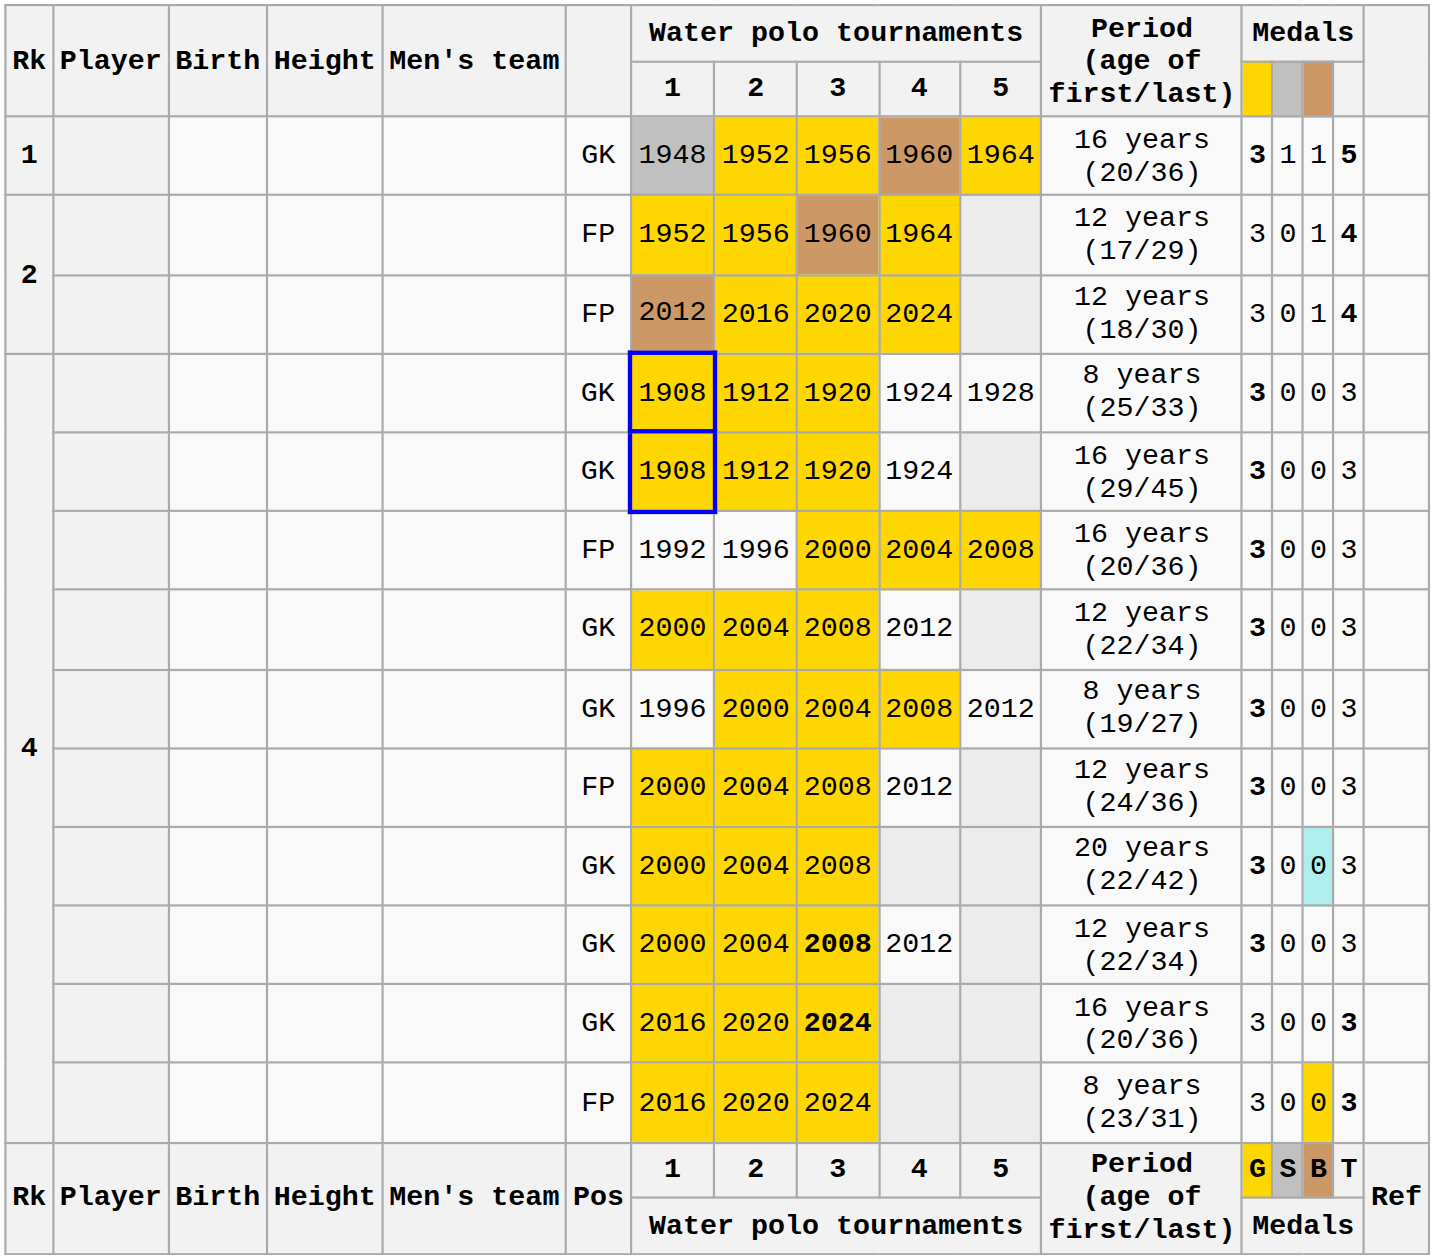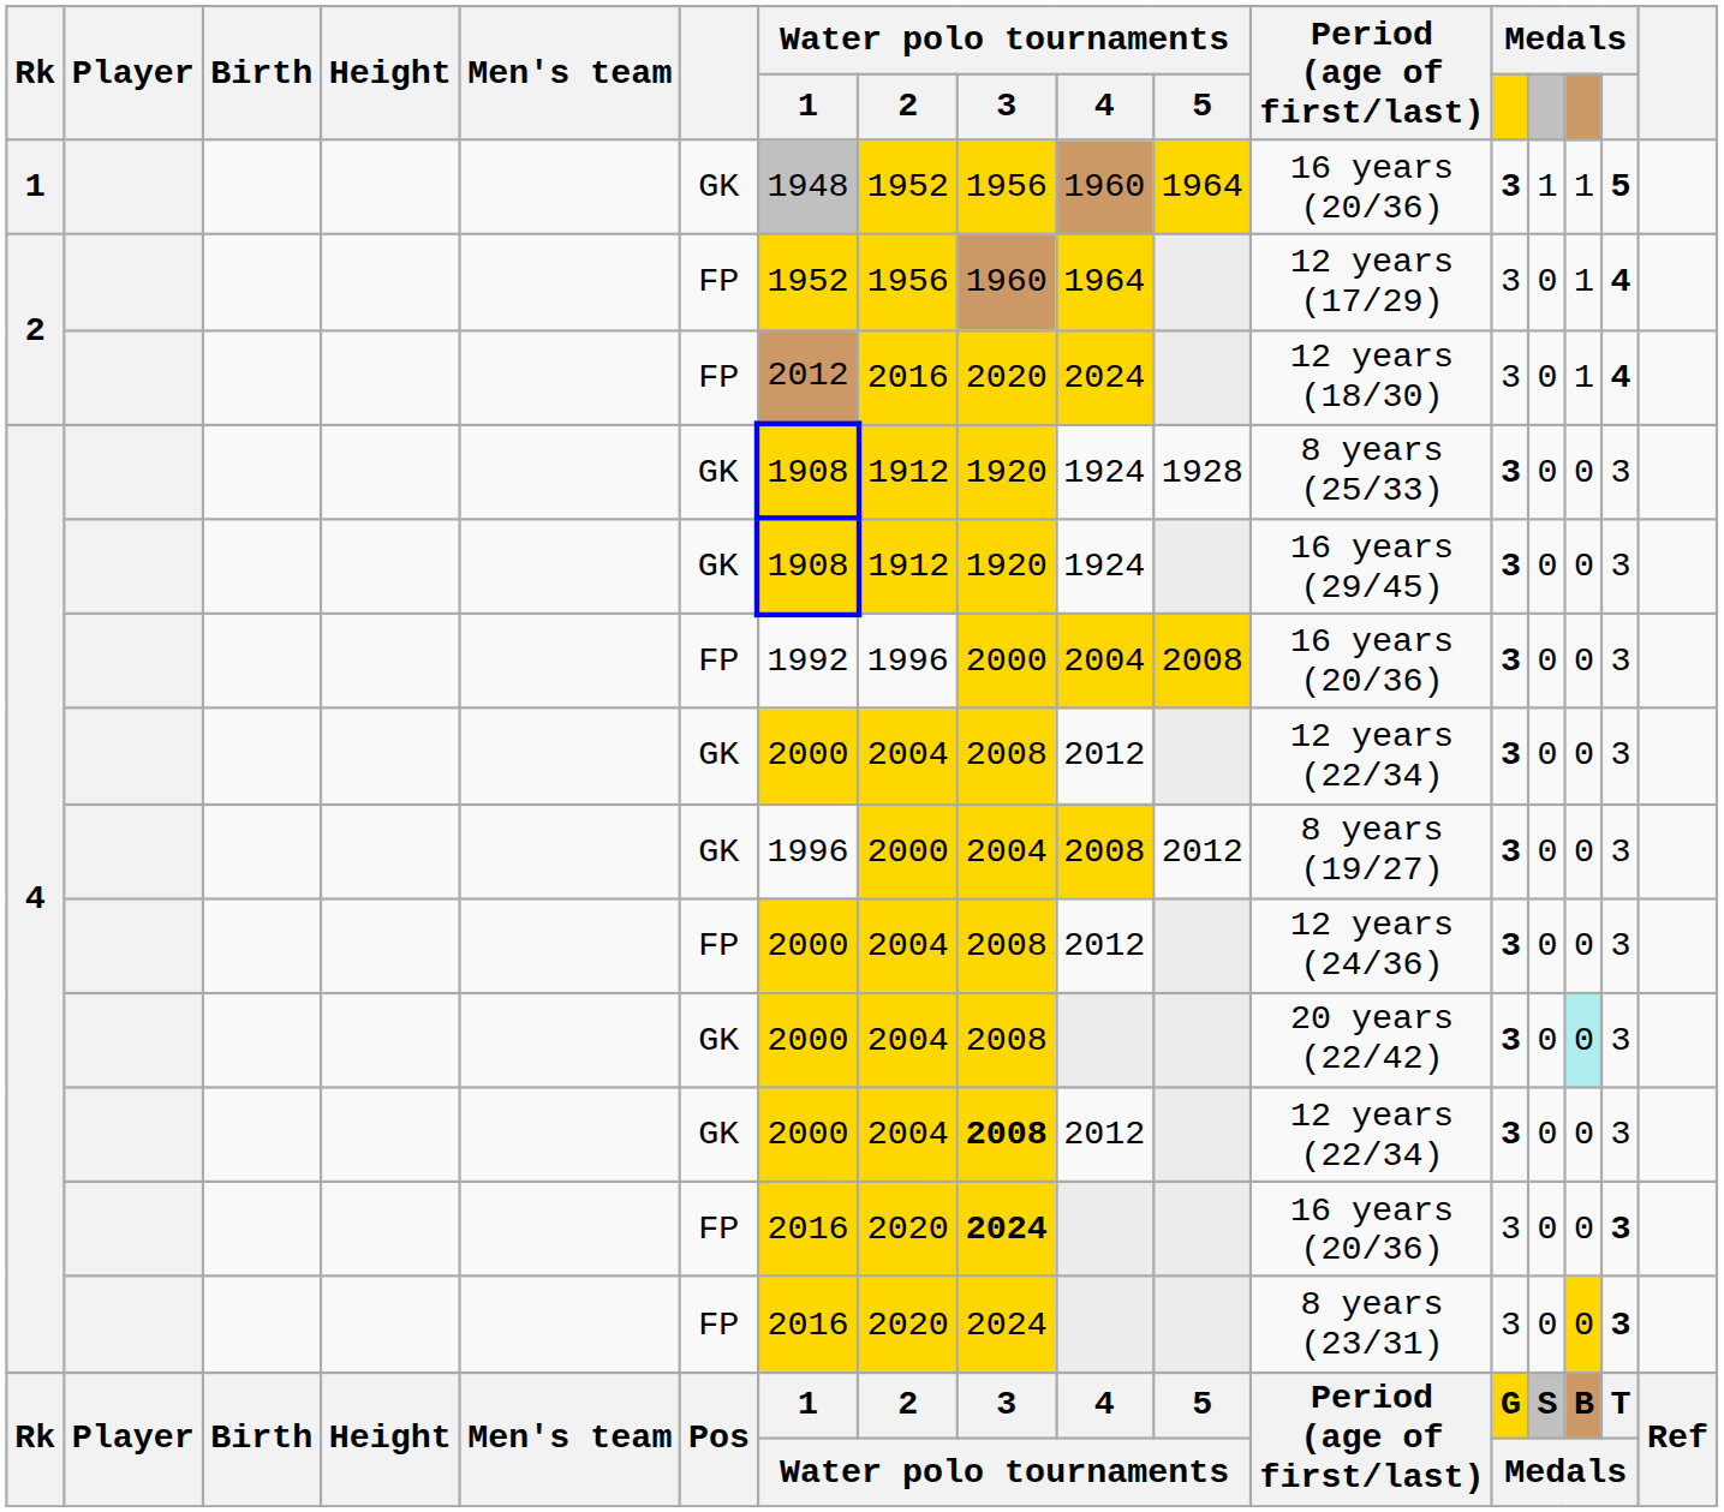 <table class="wikitable sortable plainrowheaders sticky-header-multi" style="text-align: center; font-size: 100%; margin-left: 1em;">
 <tr>
 <th scope="col" rowspan="2">Rk</th>
 <th scope="col" rowspan="2">Player</th>
 <th scope="col" rowspan="2">Birth</th>
 <th scope="col" rowspan="2">Height</th>
 <th scope="col" rowspan="2">Men's team</th>
 <th scope="col" rowspan="2"></th>
 <th scope="colgroup" colspan="5">Water polo tournaments</th>
 <th scope="col" rowspan="2">Period<br>(age of<br>first/last)</th>
 <th scope="colgroup" colspan="4">Medals</th>
 <th scope="col" rowspan="2" class="unsortable"></th>
 </tr>
 <tr>
 <th scope="col">1</th>
 <th scope="col" class="unsortable">2</th>
 <th scope="col" class="unsortable">3</th>
 <th scope="col" class="unsortable">4</th>
 <th scope="col" class="unsortable">5</th>
 <th scope="col" style="background-color: gold;"></th>
 <th scope="col" style="background-color: silver;"></th>
 <th scope="col" style="background-color: #cc9966;"></th>
 <th scope="col"></th>
 </tr>
 <tr>
 <th scope="row" style="text-align: center;"><strong>1</strong></th>
 <th scope="row"></th>
 <td></td>
 <td></td>
 <td style="text-align: left;"></td>
 <td>GK</td>
 <td style="background-color: silver;">1948</td>
 <td style="background-color: gold;">1952</td>
 <td style="background-color: gold;">1956</td>
 <td style="background-color: #cc9966;">1960</td>
 <td style="background-color: gold;">1964</td>
 <td>16 years<br>(20/36)</td>
 <td><strong>3</strong></td>
 <td>1</td>
 <td>1</td>
 <td><strong>5</strong></td>
 <td></td>
 </tr>
 <tr>
 <th scope="rowgroup" rowspan="2" style="text-align: center;"><strong>2</strong></th>
 <th scope="row"></th>
 <td></td>
 <td></td>
 <td style="text-align: left;"></td>
 <td>FP</td>
 <td style="background-color: gold;">1952</td>
 <td style="background-color: gold;">1956</td>
 <td style="background-color: #cc9966;">1960</td>
 <td style="background-color: gold;">1964</td>
 <td style="background-color: #ececec;"></td>
 <td>12 years<br>(17/29)</td>
 <td>3</td>
 <td>0</td>
 <td>1</td>
 <td><strong>4</strong></td>
 <td></td>
 </tr>
 <tr>
 <th scope="row"></th>
 <td></td>
 <td></td>
 <td style="text-align: left;"></td>
 <td>FP</td>
 <td style="background-color: #cc9966;">2012</td>
 <td style="background-color: gold;">2016</td>
 <td style="background-color: gold;">2020</td>
 <td style="background-color: gold;">2024</td>
 <td style="background-color: #ececec;"></td>
 <td>12 years<br>(18/30)</td>
 <td>3</td>
 <td>0</td>
 <td>1</td>
 <td><strong>4</strong></td>
 <td></td>
 </tr>
 <tr>
 <th scope="rowgroup" rowspan="10" style="text-align: center;"><strong>4</strong></th>
 <th scope="row"></th>
 <td></td>
 <td></td>
 <td style="text-align: left;"></td>
 <td>GK</td>
 <td style="border: 2px solid blue; background-color: gold;">1908</td>
 <td style="background-color: gold;">1912</td>
 <td style="background-color: gold;">1920</td>
 <td>1924</td>
 <td>1928</td>
 <td>8 years<br>(25/33)</td>
 <td><strong>3</strong></td>
 <td>0</td>
 <td>0</td>
 <td>3</td>
 <td></td>
 </tr>
 <tr>
 <th scope="row"></th>
 <td></td>
 <td></td>
 <td style="text-align: left;"></td>
 <td>GK</td>
 <td style="border: 2px solid blue; background-color: gold;">1908</td>
 <td style="background-color: gold;">1912</td>
 <td style="background-color: gold;">1920</td>
 <td>1924</td>
 <td style="background-color: #ececec;"></td>
 <td>16 years<br>(29/45)</td>
 <td><strong>3</strong></td>
 <td>0</td>
 <td>0</td>
 <td>3</td>
 <td></td>
 </tr>
 <tr>
 <th scope="row"></th>
 <td></td>
 <td></td>
 <td style="text-align: left;"></td>
 <td>FP</td>
 <td>1992</td>
 <td>1996</td>
 <td style="background-color: gold;">2000</td>
 <td style="background-color: gold;">2004</td>
 <td style="background-color: gold;">2008</td>
 <td>16 years<br>(20/36)</td>
 <td><strong>3</strong></td>
 <td>0</td>
 <td>0</td>
 <td>3</td>
 <td></td>
 </tr>
 <tr>
 <th scope="row"></th>
 <td></td>
 <td></td>
 <td style="text-align: left;"></td>
 <td>GK</td>
 <td style="background-color: gold;">2000</td>
 <td style="background-color: gold;">2004</td>
 <td style="background-color: gold;">2008</td>
 <td>2012</td>
 <td style="background-color: #ececec;"></td>
 <td>12 years<br>(22/34)</td>
 <td><strong>3</strong></td>
 <td>0</td>
 <td>0</td>
 <td>3</td>
 <td></td>
 </tr>
 <tr>
 <th scope="row"></th>
 <td></td>
 <td></td>
 <td style="text-align: left;"></td>
 <td>GK</td>
 <td>1996</td>
 <td style="background-color: gold;">2000</td>
 <td style="background-color: gold;">2004</td>
 <td style="background-color: gold;">2008</td>
 <td>2012</td>
 <td>8 years<br>(19/27)</td>
 <td><strong>3</strong></td>
 <td>0</td>
 <td>0</td>
 <td>3</td>
 <td></td>
 </tr>
 <tr>
 <th scope="row"></th>
 <td></td>
 <td></td>
 <td style="text-align: left;"></td>
 <td>FP</td>
 <td style="background-color: gold;">2000</td>
 <td style="background-color: gold;">2004</td>
 <td style="background-color: gold;">2008</td>
 <td>2012</td>
 <td style="background-color: #ececec;"></td>
 <td>12 years<br>(24/36)</td>
 <td><strong>3</strong></td>
 <td>0</td>
 <td>0</td>
 <td>3</td>
 <td></td>
 </tr>
 <tr>
 <th scope="row"></th>
 <td></td>
 <td></td>
 <td style="text-align: left;"></td>
 <td>GK</td>
 <td style="background-color: gold;">2000</td>
 <td style="background-color: gold;">2004</td>
 <td style="background-color: gold;">2008</td>
 <td style="background-color: #ececec;"></td>
 <td style="background-color: #ececec;"></td>
 <td>20 years<br>(22/42)</td>
 <td><strong>3</strong></td>
 <td>0</td>
 <td style="background: paleturquoise;">0</td>
 <td>3</td>
 <td></td>
 </tr>
 <tr>
 <th scope="row"></th>
 <td></td>
 <td></td>
 <td style="text-align: left;"></td>
 <td>GK</td>
 <td style="background-color: gold;">2000</td>
 <td style="background-color: gold;">2004</td>
 <td style="background-color: gold;"><strong>2008</strong></td>
 <td>2012</td>
 <td style="background-color: #ececec;"></td>
 <td>12 years<br>(22/34)</td>
 <td><strong>3</strong></td>
 <td>0</td>
 <td>0</td>
 <td>3</td>
 <td></td>
 </tr>
 <tr>
 <th scope="row"></th>
 <td></td>
 <td></td>
 <td style="text-align: left;"></td>
-<td>GK</td>
+<td>FP</td>
 <td style="background-color: gold;">2016</td>
 <td style="background-color: gold;">2020</td>
 <td style="background-color: gold;"><strong>2024</strong></td>
 <td style="background-color: #ececec;"></td>
 <td style="background-color: #ececec;"></td>
 <td>16 years<br>(20/36)</td>
 <td>3</td>
 <td>0</td>
 <td>0</td>
 <td><strong>3</strong></td>
 <td></td>
 </tr>
 <tr>
 <th scope="row"></th>
 <td></td>
 <td></td>
 <td style="text-align: left;"></td>
 <td>FP</td>
 <td style="background-color: gold;">2016</td>
 <td style="background-color: gold;">2020</td>
 <td style="background-color: gold;">2024</td>
 <td style="background-color: #ececec;"></td>
 <td style="background-color: #ececec;"></td>
 <td>8 years<br>(23/31)</td>
 <td>3</td>
 <td>0</td>
 <td style="background: gold;">0</td>
 <td><strong>3</strong></td>
 <td></td>
 </tr>
 <tr class="sortbottom">
 <th rowspan="2">Rk</th>
 <th rowspan="2">Player</th>
 <th rowspan="2">Birth</th>
 <th rowspan="2">Height</th>
 <th rowspan="2">Men's team</th>
 <th rowspan="2">Pos</th>
 <th>1</th>
 <th>2</th>
 <th>3</th>
 <th>4</th>
 <th>5</th>
 <th rowspan="2">Period<br>(age of<br>first/last)</th>
 <th style="background-color: gold;">G</th>
 <th style="background-color: silver;">S</th>
 <th style="background-color: #cc9966;">B</th>
 <th>T</th>
 <th rowspan="2">Ref</th>
 </tr>
 <tr class="sortbottom">
 <th colspan="5">Water polo tournaments</th>
 <th colspan="4">Medals</th>
 </tr>
 </table>
